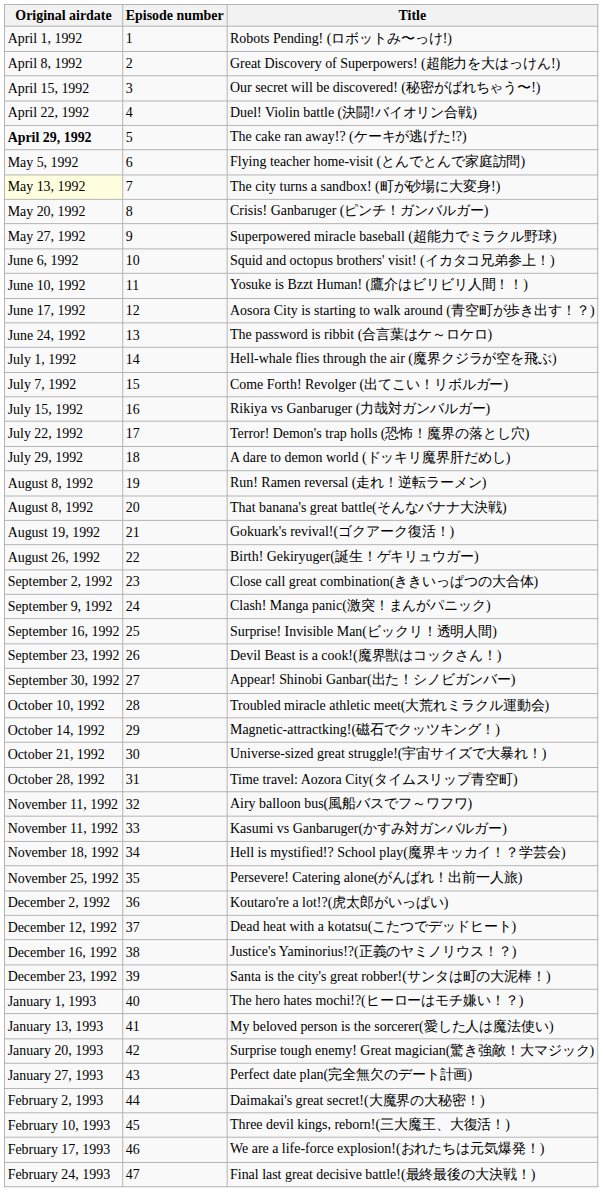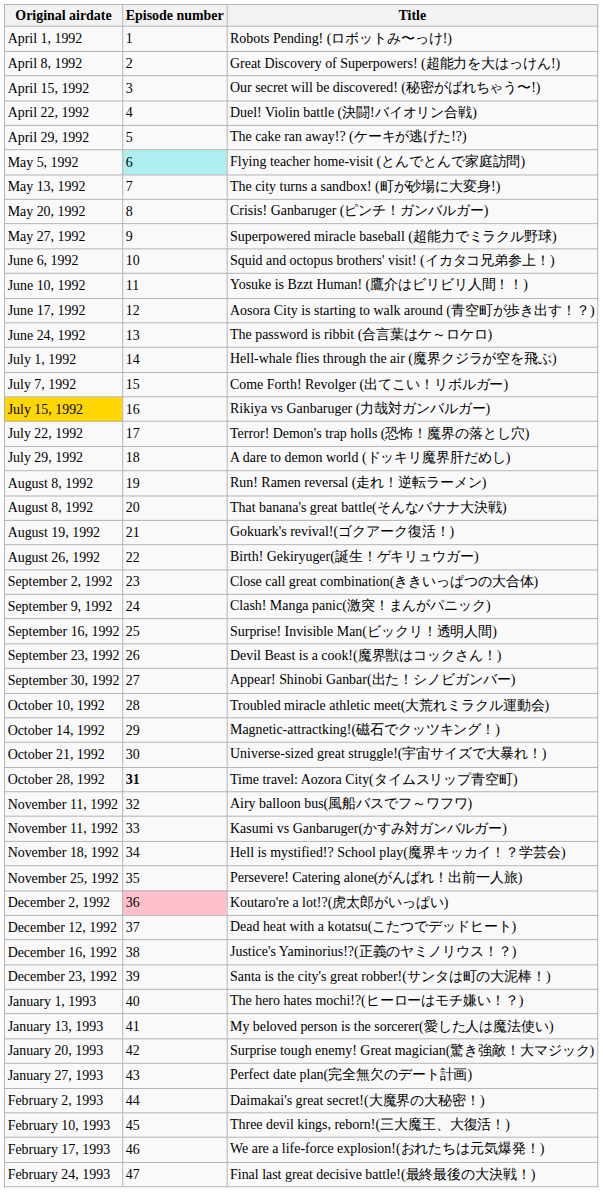 <table class="wikitable">
 <tr>
 <th>Original airdate</th>
 <th>Episode number</th>
 <th>Title</th>
 </tr>
 <tr>
 <td>April 1, 1992</td>
 <td>1</td>
 <td>Robots Pending! (ロボットみ〜っけ!)</td>
 </tr>
 <tr>
 <td>April 8, 1992</td>
 <td>2</td>
 <td>Great Discovery of Superpowers! (超能力を大はっけん!)</td>
 </tr>
 <tr>
 <td>April 15, 1992</td>
 <td>3</td>
 <td>Our secret will be discovered! (秘密がばれちゃう〜!)</td>
 </tr>
 <tr>
 <td>April 22, 1992</td>
 <td>4</td>
 <td>Duel! Violin battle (決闘!バイオリン合戦)</td>
 </tr>
 <tr>
-<td><strong>April 29, 1992</strong></td>
+<td>April 29, 1992</td>
 <td>5</td>
 <td>The cake ran away!? (ケーキが逃げた!?)</td>
 </tr>
 <tr>
 <td>May 5, 1992</td>
-<td>6</td>
+<td style="background: paleturquoise;">6</td>
 <td>Flying teacher home-visit (とんでとんで家庭訪問)</td>
 </tr>
 <tr>
-<td style="background: lightyellow;">May 13, 1992</td>
+<td>May 13, 1992</td>
 <td>7</td>
 <td>The city turns a sandbox! (町が砂場に大変身!)</td>
 </tr>
 <tr>
 <td>May 20, 1992</td>
 <td>8</td>
 <td>Crisis! Ganbaruger (ピンチ！ガンバルガー)</td>
 </tr>
 <tr>
 <td>May 27, 1992</td>
 <td>9</td>
 <td>Superpowered miracle baseball (超能力でミラクル野球)</td>
 </tr>
 <tr>
 <td>June 6, 1992</td>
 <td>10</td>
 <td>Squid and octopus brothers' visit! (イカタコ兄弟参上！)</td>
 </tr>
 <tr>
 <td>June 10, 1992</td>
 <td>11</td>
 <td>Yosuke is Bzzt Human! (鷹介はビリビリ人間！！)</td>
 </tr>
 <tr>
 <td>June 17, 1992</td>
 <td>12</td>
 <td>Aosora City is starting to walk around (青空町が歩き出す！？)</td>
 </tr>
 <tr>
 <td>June 24, 1992</td>
 <td>13</td>
 <td>The password is ribbit (合言葉はケ～ロケロ)</td>
 </tr>
 <tr>
 <td>July 1, 1992</td>
 <td>14</td>
 <td>Hell-whale flies through the air (魔界クジラが空を飛ぶ)</td>
 </tr>
 <tr>
 <td>July 7, 1992</td>
 <td>15</td>
 <td>Come Forth! Revolger (出てこい！リボルガー)</td>
 </tr>
 <tr>
-<td>July 15, 1992</td>
+<td style="background: gold;">July 15, 1992</td>
 <td>16</td>
 <td>Rikiya vs Ganbaruger (力哉対ガンバルガー)</td>
 </tr>
 <tr>
 <td>July 22, 1992</td>
 <td>17</td>
 <td>Terror! Demon's trap holls (恐怖！魔界の落とし穴)</td>
 </tr>
 <tr>
 <td>July 29, 1992</td>
 <td>18</td>
 <td>A dare to demon world (ドッキリ魔界肝だめし)</td>
 </tr>
 <tr>
 <td>August 8, 1992</td>
 <td>19</td>
 <td>Run! Ramen reversal (走れ！逆転ラーメン)</td>
 </tr>
 <tr>
 <td>August 8, 1992</td>
 <td>20</td>
 <td>That banana's great battle(そんなバナナ大決戦)</td>
 </tr>
 <tr>
 <td>August 19, 1992</td>
 <td>21</td>
 <td>Gokuark's revival!(ゴクアーク復活！)</td>
 </tr>
 <tr>
 <td>August 26, 1992</td>
 <td>22</td>
 <td>Birth! Gekiryuger(誕生！ゲキリュウガー)</td>
 </tr>
 <tr>
 <td>September 2, 1992</td>
 <td>23</td>
 <td>Close call great combination(ききいっぱつの大合体)</td>
 </tr>
 <tr>
 <td>September 9, 1992</td>
 <td>24</td>
 <td>Clash! Manga panic(激突！まんがパニック)</td>
 </tr>
 <tr>
 <td>September 16, 1992</td>
 <td>25</td>
 <td>Surprise! Invisible Man(ビックリ！透明人間)</td>
 </tr>
 <tr>
 <td>September 23, 1992</td>
 <td>26</td>
 <td>Devil Beast is a cook!(魔界獣はコックさん！)</td>
 </tr>
 <tr>
 <td>September 30, 1992</td>
 <td>27</td>
 <td>Appear! Shinobi Ganbar(出た！シノビガンバー)</td>
 </tr>
 <tr>
 <td>October 10, 1992</td>
 <td>28</td>
 <td>Troubled miracle athletic meet(大荒れミラクル運動会)</td>
 </tr>
 <tr>
 <td>October 14, 1992</td>
 <td>29</td>
 <td>Magnetic-attractking!(磁石でクッツキング！)</td>
 </tr>
 <tr>
 <td>October 21, 1992</td>
 <td>30</td>
 <td>Universe-sized great struggle!(宇宙サイズで大暴れ！)</td>
 </tr>
 <tr>
 <td>October 28, 1992</td>
-<td>31</td>
+<td><strong>31</strong></td>
 <td>Time travel: Aozora City(タイムスリップ青空町)</td>
 </tr>
 <tr>
 <td>November 11, 1992</td>
 <td>32</td>
 <td>Airy balloon bus(風船バスでフ～ワフワ)</td>
 </tr>
 <tr>
 <td>November 11, 1992</td>
 <td>33</td>
 <td>Kasumi vs Ganbaruger(かすみ対ガンバルガー)</td>
 </tr>
 <tr>
 <td>November 18, 1992</td>
 <td>34</td>
 <td>Hell is mystified!? School play(魔界キッカイ！？学芸会)</td>
 </tr>
 <tr>
 <td>November 25, 1992</td>
 <td>35</td>
 <td>Persevere! Catering alone(がんばれ！出前一人旅)</td>
 </tr>
 <tr>
 <td>December 2, 1992</td>
-<td>36</td>
+<td style="background: pink;">36</td>
 <td>Koutaro're a lot!?(虎太郎がいっぱい)</td>
 </tr>
 <tr>
 <td>December 12, 1992</td>
 <td>37</td>
 <td>Dead heat with a kotatsu(こたつでデッドヒート)</td>
 </tr>
 <tr>
 <td>December 16, 1992</td>
 <td>38</td>
 <td>Justice's Yaminorius!?(正義のヤミノリウス！？)</td>
 </tr>
 <tr>
 <td>December 23, 1992</td>
 <td>39</td>
 <td>Santa is the city's great robber!(サンタは町の大泥棒！)</td>
 </tr>
 <tr>
 <td>January 1, 1993</td>
 <td>40</td>
 <td>The hero hates mochi!?(ヒーローはモチ嫌い！？)</td>
 </tr>
 <tr>
 <td>January 13, 1993</td>
 <td>41</td>
 <td>My beloved person is the sorcerer(愛した人は魔法使い)</td>
 </tr>
 <tr>
 <td>January 20, 1993</td>
 <td>42</td>
 <td>Surprise tough enemy! Great magician(驚き強敵！大マジック)</td>
 </tr>
 <tr>
 <td>January 27, 1993</td>
 <td>43</td>
 <td>Perfect date plan(完全無欠のデート計画)</td>
 </tr>
 <tr>
 <td>February 2, 1993</td>
 <td>44</td>
 <td>Daimakai's great secret!(大魔界の大秘密！)</td>
 </tr>
 <tr>
 <td>February 10, 1993</td>
 <td>45</td>
 <td>Three devil kings, reborn!(三大魔王、大復活！)</td>
 </tr>
 <tr>
 <td>February 17, 1993</td>
 <td>46</td>
 <td>We are a life-force explosion!(おれたちは元気爆発！)</td>
 </tr>
 <tr>
 <td>February 24, 1993</td>
 <td>47</td>
 <td>Final last great decisive battle!(最終最後の大決戦！)</td>
 </tr>
 </table>
